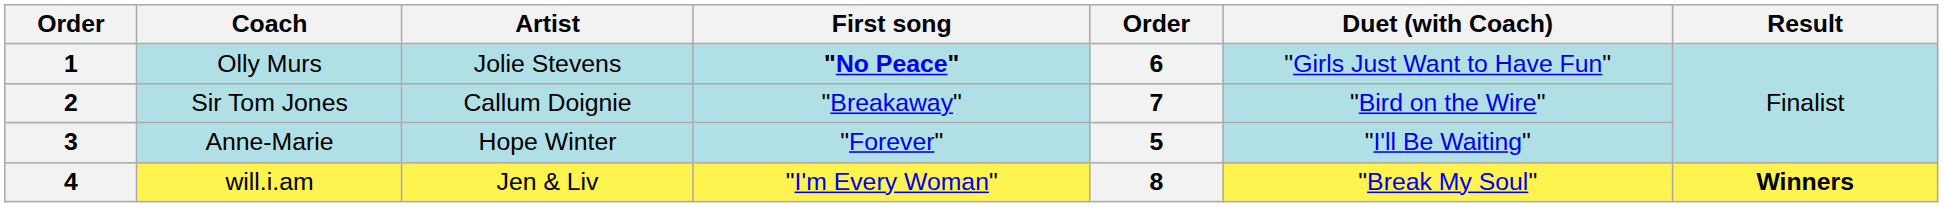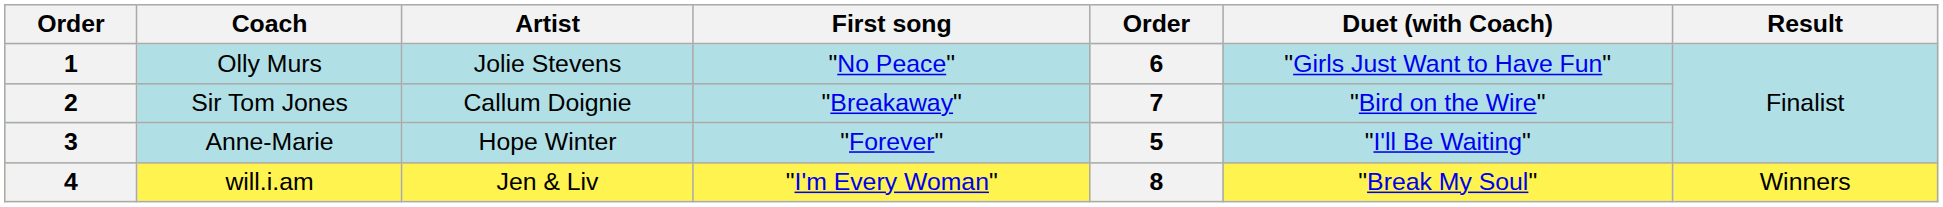 <table class="wikitable plainrowheaders" style="text-align:center; width=100%">
 <tr>
 <th style="width:05%">Order</th>
 <th style="width:10%">Coach</th>
 <th style="width:11%">Artist</th>
 <th style="width:15%">First song</th>
 <th style="width:05%">Order</th>
 <th style="width:17%">Duet (with Coach)</th>
 <th style="width:10%">Result</th>
 </tr>
 <tr style="background:#B0E0E6">
 <th scope="col">1</th>
 <td>Olly Murs</td>
 <td>Jolie Stevens</td>
-<td><strong>"<a href='#'>No Peace</a>"</strong></td>
+<td>"<a href='#'>No Peace</a>"</td>
 <th>6</th>
 <td>"<a href='#'>Girls Just Want to Have Fun</a>"</td>
 <td rowspan="3">Finalist</td>
 </tr>
 <tr style="background:#B0E0E6">
 <th scope="col">2</th>
 <td>Sir Tom Jones</td>
 <td>Callum Doignie</td>
 <td>"<a href='#'>Breakaway</a>"</td>
 <th>7</th>
 <td>"<a href='#'>Bird on the Wire</a>"</td>
 </tr>
 <tr style="background:#B0E0E6">
 <th scope="col">3</th>
 <td>Anne-Marie</td>
 <td>Hope Winter</td>
 <td>"<a href='#'>Forever</a>"</td>
 <th>5</th>
 <td>"<a href='#'>I'll Be Waiting</a>"</td>
 </tr>
 <tr style="background:#FFF44F">
 <th scope="col">4</th>
 <td>will.i.am</td>
 <td>Jen & Liv</td>
 <td>"<a href='#'>I'm Every Woman</a>"</td>
 <th>8</th>
 <td>"<a href='#'>Break My Soul</a>"</td>
-<td><strong>Winners</strong></td>
+<td>Winners</td>
 </tr>
 </table>
